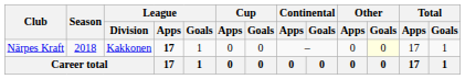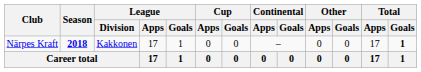 <table class="wikitable" style="text-align: center">
 <tr>
 <th rowspan="2">Club</th>
 <th rowspan="2">Season</th>
 <th colspan="3">League</th>
 <th colspan="2">Cup</th>
 <th colspan="2">Continental</th>
 <th colspan="2">Other</th>
 <th colspan="2">Total</th>
 </tr>
 <tr>
 <th>Division</th>
 <th>Apps</th>
 <th>Goals</th>
 <th>Apps</th>
 <th>Goals</th>
 <th>Apps</th>
 <th>Goals</th>
 <th>Apps</th>
 <th>Goals</th>
 <th>Apps</th>
 <th>Goals</th>
 </tr>
 <tr>
 <td><a href='#'>Närpes Kraft</a></td>
-<td><a href='#'>2018</a></td>
+<td><strong><a href='#'>2018</a></strong></td>
 <td><a href='#'>Kakkonen</a></td>
-<td><strong>17</strong></td>
+<td>17</td>
 <td>1</td>
 <td>0</td>
 <td>0</td>
 <td colspan="2">–</td>
 <td>0</td>
-<td style="background: lightyellow;">0</td>
+<td>0</td>
 <td>17</td>
-<td>1</td>
+<td><strong>1</strong></td>
 </tr>
 <tr>
 <th colspan="3"><strong>Career total</strong></th>
 <th>17</th>
 <th>1</th>
 <th>0</th>
 <th>0</th>
 <th>0</th>
 <th>0</th>
 <th>0</th>
 <th>0</th>
 <th>17</th>
 <th>1</th>
 </tr>
 </table>
